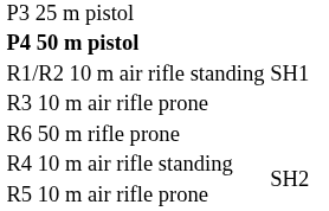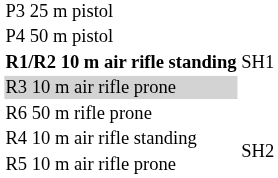 <table>
 <tr>
 <td>P3 25 m pistol<br></td>
 <td rowspan="5">SH1</td>
 <td></td>
 <td></td>
 <td></td>
 </tr>
 <tr>
-<td><strong>P4 50 m pistol<br></strong></td>
+<td>P4 50 m pistol<br></td>
 <td></td>
 <td></td>
 <td></td>
 </tr>
 <tr>
-<td nowrap>R1/R2 10 m air rifle standing<br></td>
+<td nowrap><strong>R1/R2 10 m air rifle standing<br></strong></td>
 <td></td>
 <td></td>
 <td></td>
 </tr>
 <tr>
-<td>R3 10 m air rifle prone<br></td>
+<td style="background: lightgrey;">R3 10 m air rifle prone<br></td>
 <td></td>
 <td></td>
 <td></td>
 </tr>
 <tr>
 <td>R6 50 m rifle prone<br></td>
 <td></td>
 <td></td>
 <td></td>
 </tr>
 <tr>
 <td>R4 10 m air rifle standing<br></td>
 <td rowspan="2">SH2</td>
 <td></td>
 <td></td>
 <td></td>
 </tr>
 <tr>
 <td>R5 10 m air rifle prone<br></td>
 <td></td>
 <td></td>
 <td></td>
 </tr>
 </table>
